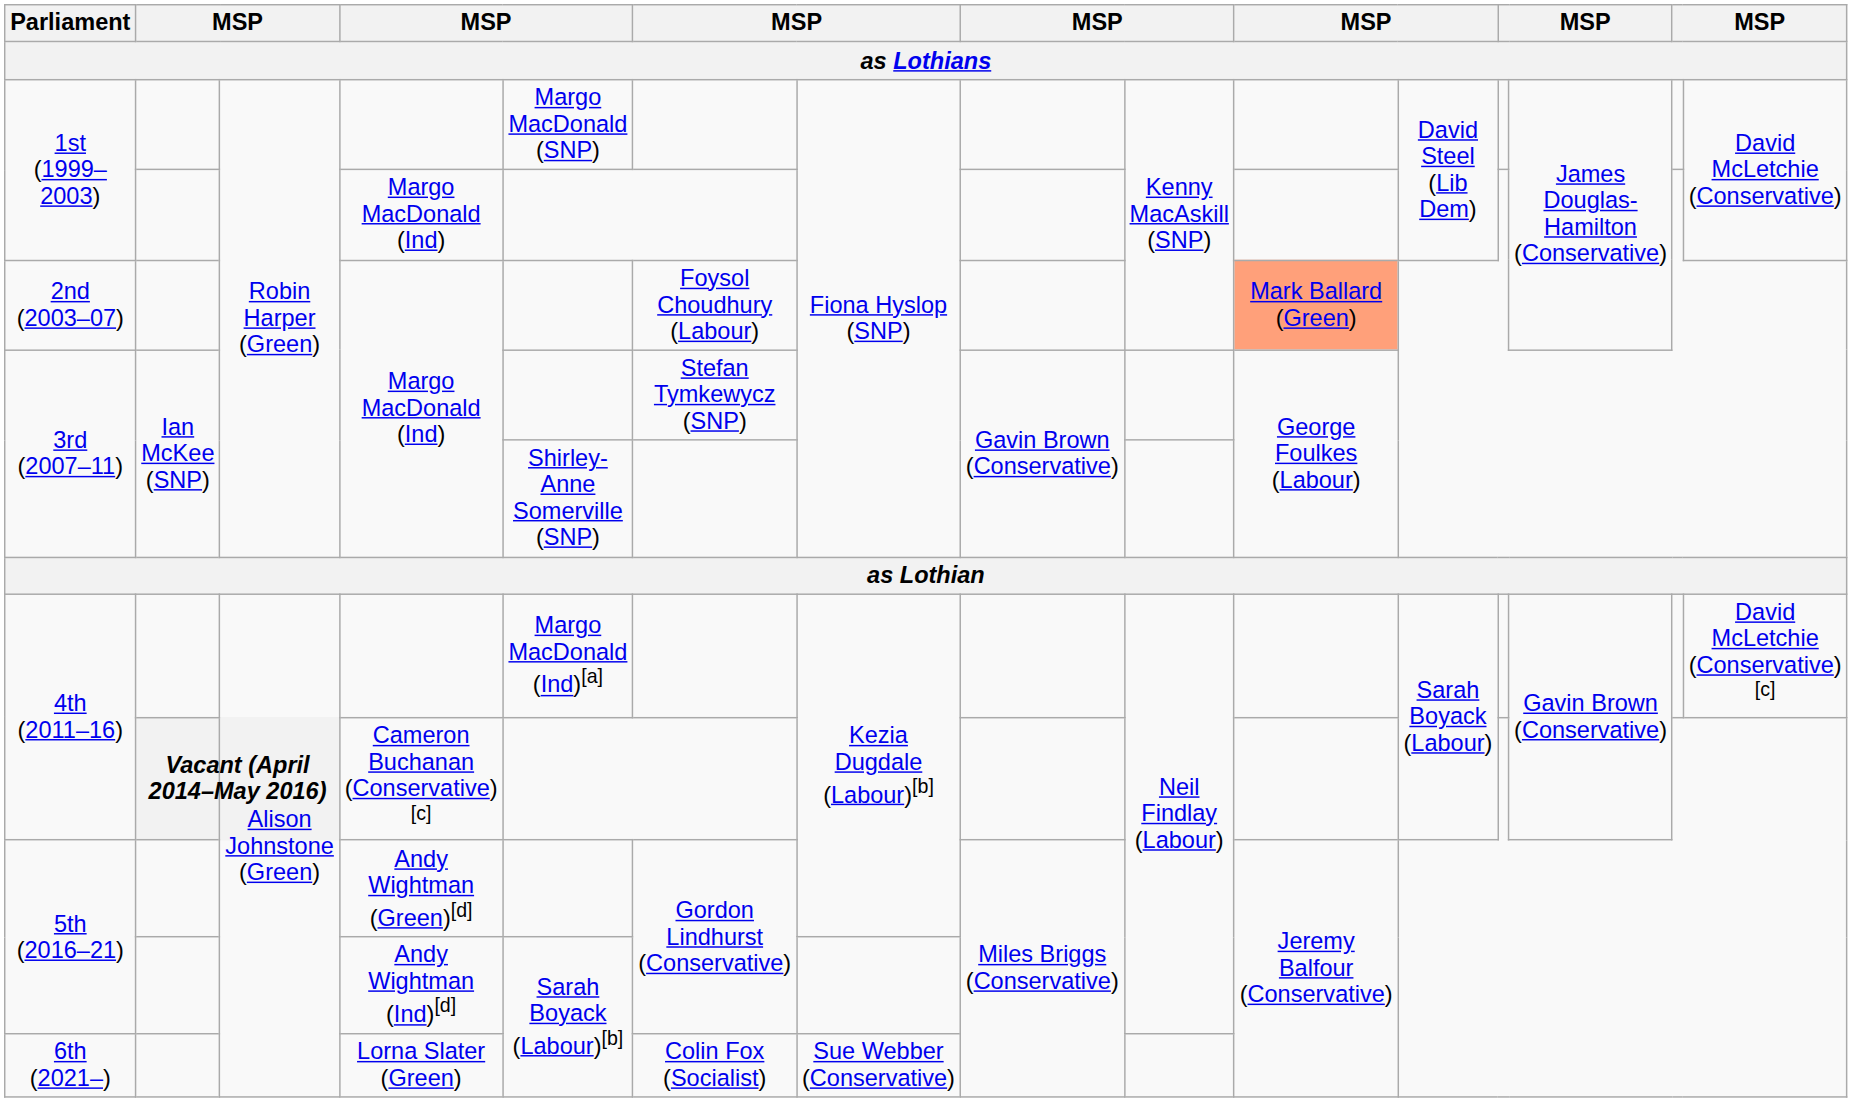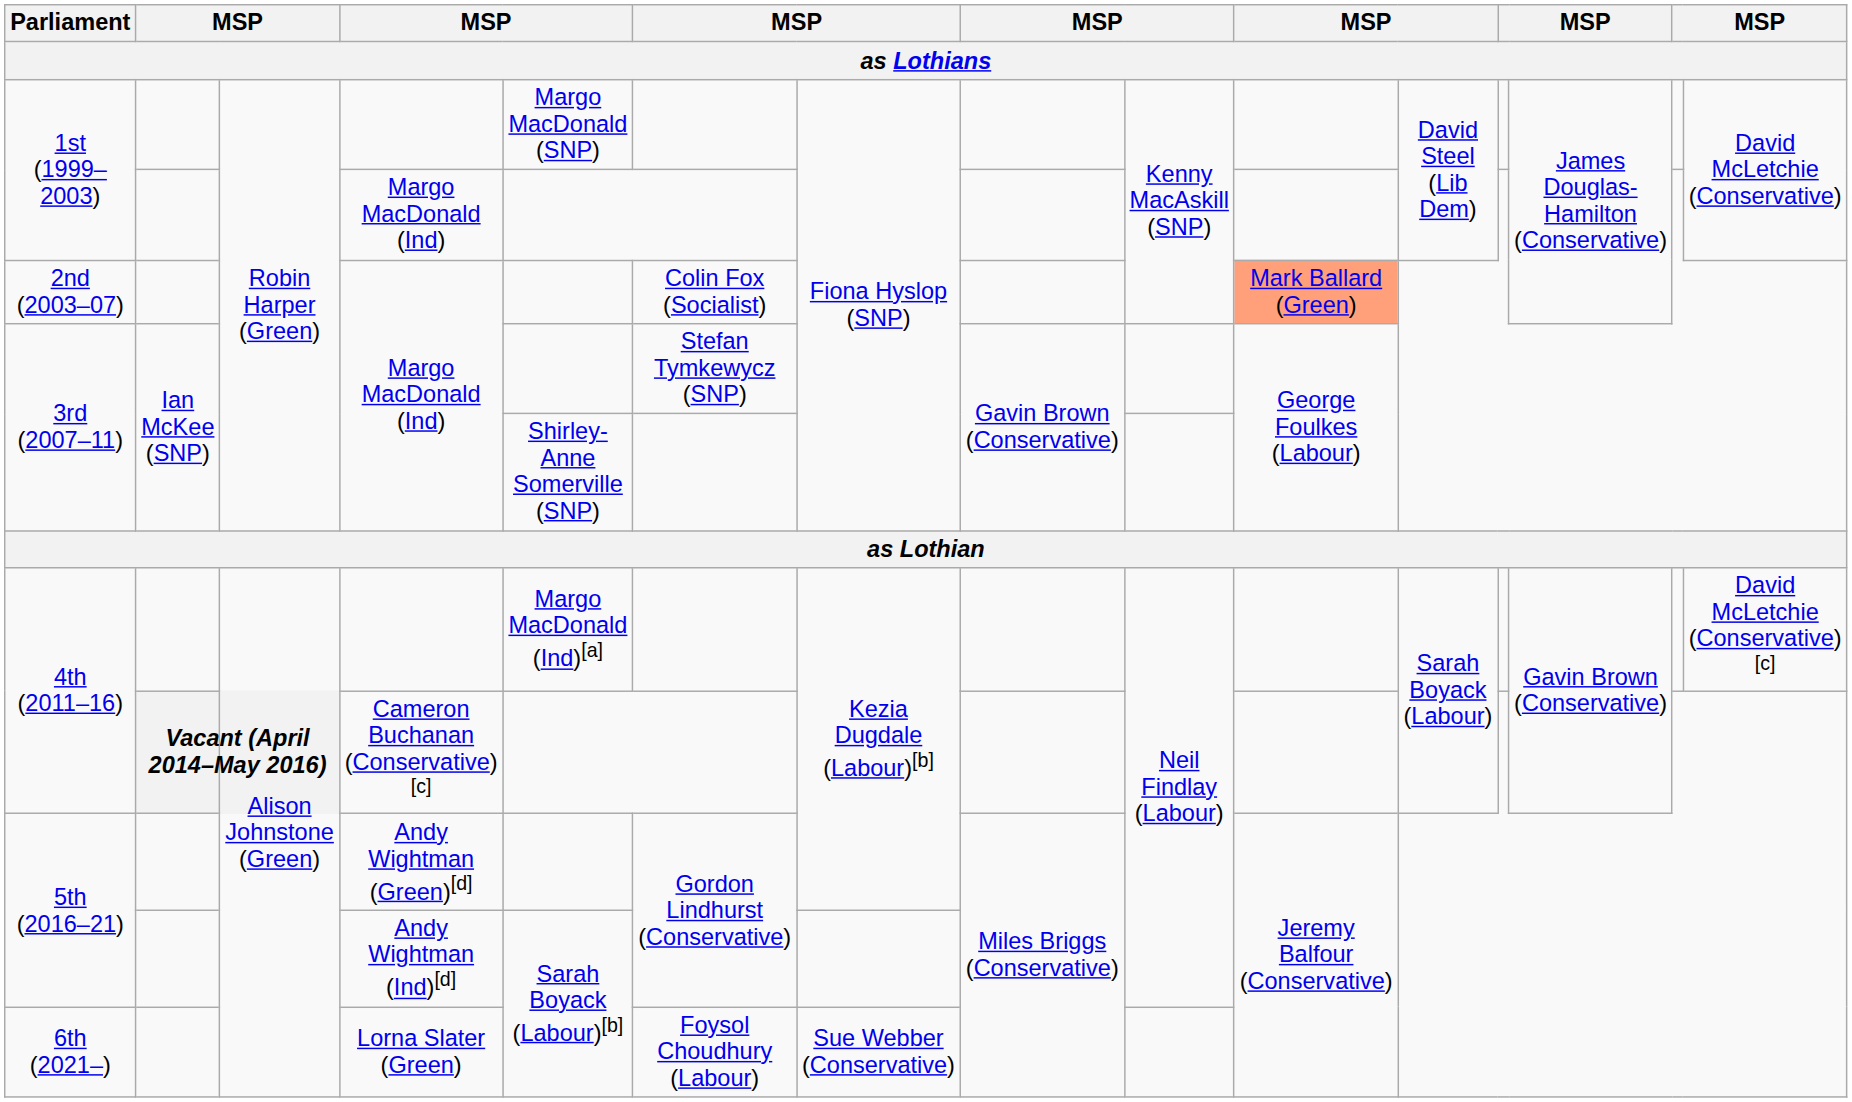 <table class="wikitable" style="text-align:center">
 <tr>
 <th>Parliament</th>
 <th colspan="2">MSP</th>
 <th colspan="2">MSP</th>
 <th colspan="2">MSP</th>
 <th colspan="2">MSP</th>
 <th colspan="2">MSP</th>
 <th colspan="2">MSP</th>
 <th colspan="2">MSP</th>
 </tr>
 <tr>
 <th colspan="15"><em>as <a href='#'>Lothians</a></em></th>
 </tr>
 <tr>
 <td rowspan="2"><a href='#'>1st</a> <br>(<a href='#'>1999–2003</a>)</td>
 <td></td>
 <td rowspan="5"><a href='#'>Robin Harper</a><br>(<a href='#'>Green</a>)</td>
 <td></td>
 <td rowspan="1"><a href='#'>Margo MacDonald</a><br>(<a href='#'>SNP</a>)</td>
 <td></td>
 <td rowspan="5"><a href='#'>Fiona Hyslop</a><br>(<a href='#'>SNP</a>)</td>
 <td></td>
 <td rowspan="3"><a href='#'>Kenny MacAskill</a><br>(<a href='#'>SNP</a>)</td>
 <td></td>
 <td rowspan="2"><a href='#'>David Steel</a><br>(<a href='#'>Lib Dem</a>)</td>
 <td></td>
 <td rowspan="3"><a href='#'>James Douglas-Hamilton</a><br>(<a href='#'>Conservative</a>)</td>
 <td></td>
 <td rowspan="2"><a href='#'>David McLetchie</a><br>(<a href='#'>Conservative</a>)</td>
 </tr>
 <tr>
 <td></td>
 <td rowspan="1"><a href='#'>Margo MacDonald</a><br>(<a href='#'>Ind</a>)</td>
 </tr>
 <tr>
 <td><a href='#'>2nd</a> <br>(<a href='#'>2003–07</a>)</td>
 <td></td>
 <td rowspan="3"><a href='#'>Margo MacDonald</a> <br>(<a href='#'>Ind</a>)</td>
 <td></td>
-<td rowspan="1"><a href='#'>Foysol Choudhury</a><br>(<a href='#'>Labour</a>)</td>
+<td rowspan="1"><a href='#'>Colin Fox</a><br>(<a href='#'>Socialist</a>)</td>
 <td></td>
 <td rowspan="1" style="background: lightsalmon;"><a href='#'>Mark Ballard</a><br>(<a href='#'>Green</a>)</td>
 </tr>
 <tr>
 <td rowspan="2"><a href='#'>3rd</a> <br>(<a href='#'>2007–11</a>)</td>
 <td rowspan="2"><a href='#'>Ian McKee</a><br>(<a href='#'>SNP</a>)</td>
 <td></td>
 <td rowspan="1"><a href='#'>Stefan Tymkewycz</a><br>(<a href='#'>SNP</a>)</td>
 <td rowspan="2"><a href='#'>Gavin Brown</a><br>(<a href='#'>Conservative</a>)</td>
 <td></td>
 <td rowspan="2"><a href='#'>George Foulkes</a><br>(<a href='#'>Labour</a>)</td>
 </tr>
 <tr>
 <td rowspan="1"><a href='#'>Shirley-Anne Somerville</a><br>(<a href='#'>SNP</a>)</td>
 </tr>
 <tr>
 <th colspan="15"><em>as Lothian</em></th>
 </tr>
 <tr>
 <td rowspan="2"><a href='#'>4th</a> <br>(<a href='#'>2011–16</a>)</td>
 <td></td>
 <td rowspan="5"><a href='#'>Alison Johnstone</a><br>(<a href='#'>Green</a>)</td>
 <td></td>
 <td rowspan="1"><a href='#'>Margo MacDonald</a><br>(<a href='#'>Ind</a>)<sup>[a]</sup></td>
 <td></td>
 <td rowspan="3"><a href='#'>Kezia Dugdale</a><br>(<a href='#'>Labour</a>)<sup>[b]</sup></td>
 <td></td>
 <td rowspan="4"><a href='#'>Neil Findlay</a><br>(<a href='#'>Labour</a>)</td>
 <td></td>
 <td rowspan="2"><a href='#'>Sarah Boyack</a><br>(<a href='#'>Labour</a>)</td>
 <td></td>
 <td rowspan="2"><a href='#'>Gavin Brown</a><br>(<a href='#'>Conservative</a>)</td>
 <td></td>
 <td rowspan="1"><a href='#'>David McLetchie</a><br>(<a href='#'>Conservative</a>)<sup>[c]</sup></td>
 </tr>
 <tr>
 <th colspan="2"><em>Vacant (April 2014–May 2016)</em></th>
 <td><a href='#'>Cameron Buchanan</a><br>(<a href='#'>Conservative</a>)<sup>[c]</sup></td>
 </tr>
 <tr>
 <td rowspan="2"><a href='#'>5th</a> <br>(<a href='#'>2016–21</a>)</td>
 <td></td>
 <td rowspan="1"><a href='#'>Andy Wightman</a><br>(<a href='#'>Green</a>)<sup>[d]</sup></td>
 <td></td>
 <td rowspan="2"><a href='#'>Gordon Lindhurst</a><br>(<a href='#'>Conservative</a>)</td>
 <td rowspan="3"><a href='#'>Miles Briggs</a><br>(<a href='#'>Conservative</a>)</td>
 <td rowspan="3"><a href='#'>Jeremy Balfour</a><br>(<a href='#'>Conservative</a>)</td>
 </tr>
 <tr>
 <td></td>
 <td rowspan="1"><a href='#'>Andy Wightman</a><br>(<a href='#'>Ind</a>)<sup>[d]</sup></td>
 <td rowspan="2"><a href='#'>Sarah Boyack</a><br>(<a href='#'>Labour</a>)<sup>[b]</sup></td>
 </tr>
 <tr>
 <td rowspan="1"><a href='#'>6th</a> <br>(<a href='#'>2021–</a>)</td>
 <td></td>
 <td rowspan="1"><a href='#'>Lorna Slater</a><br>(<a href='#'>Green</a>)</td>
-<td rowspan="1"><a href='#'>Colin Fox</a><br>(<a href='#'>Socialist</a>)</td>
+<td rowspan="1"><a href='#'>Foysol Choudhury</a><br>(<a href='#'>Labour</a>)</td>
 <td rowspan="1"><a href='#'>Sue Webber</a><br>(<a href='#'>Conservative</a>)</td>
 </tr>
 </table>
